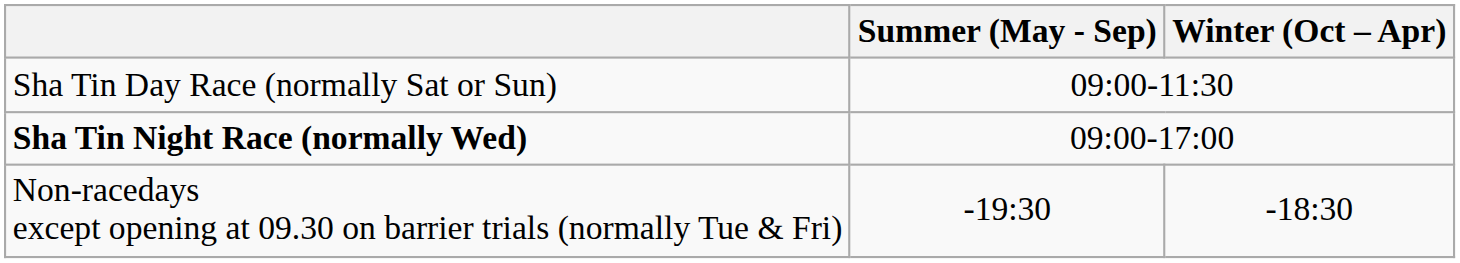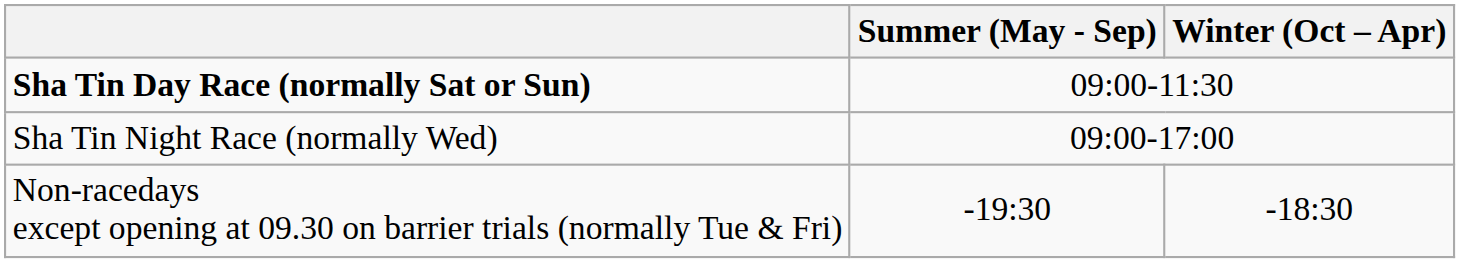 <table class="wikitable">
 <tr>
 <th></th>
 <th style="font-weight: bold;">Summer (May - Sep)</th>
 <th style="font-weight: bold;">Winter (Oct – Apr)</th>
 </tr>
 <tr>
-<td>Sha Tin Day Race (normally Sat or Sun)</td>
+<td><strong>Sha Tin Day Race (normally Sat or Sun)</strong></td>
 <td colspan="2" style="text-align: center;">09:00-11:30</td>
 </tr>
 <tr>
-<td><strong>Sha Tin Night Race (normally Wed)</strong></td>
+<td>Sha Tin Night Race (normally Wed)</td>
 <td colspan="2" style="text-align: center;">09:00-17:00</td>
 </tr>
 <tr>
 <td>Non-racedays<br>except opening at 09.30 on barrier trials (normally Tue & Fri)</td>
 <td style="text-align: center;">-19:30</td>
 <td style="text-align: center;">-18:30</td>
 </tr>
 </table>
